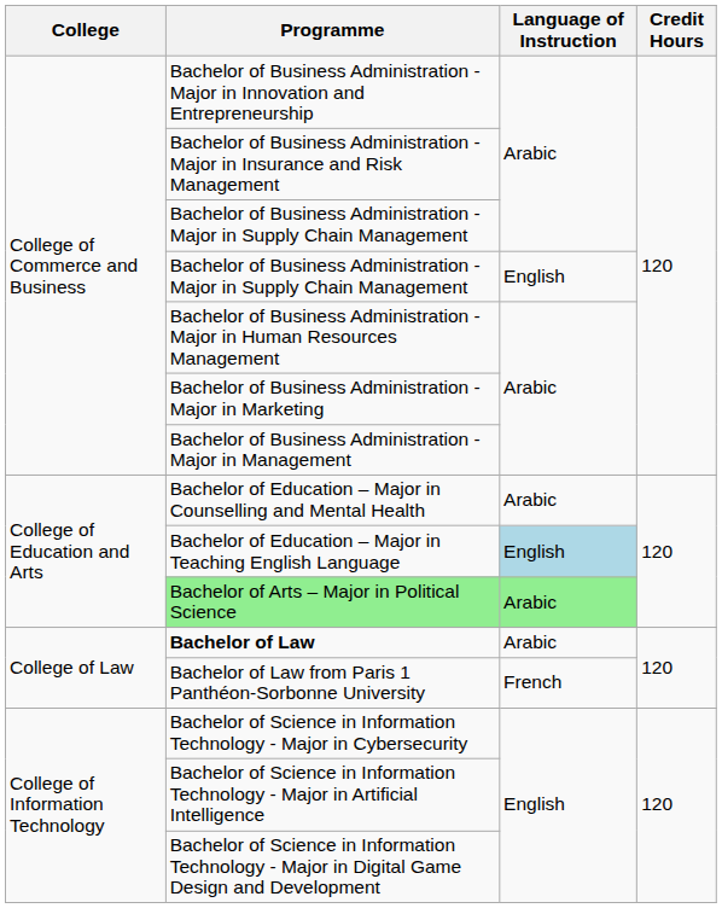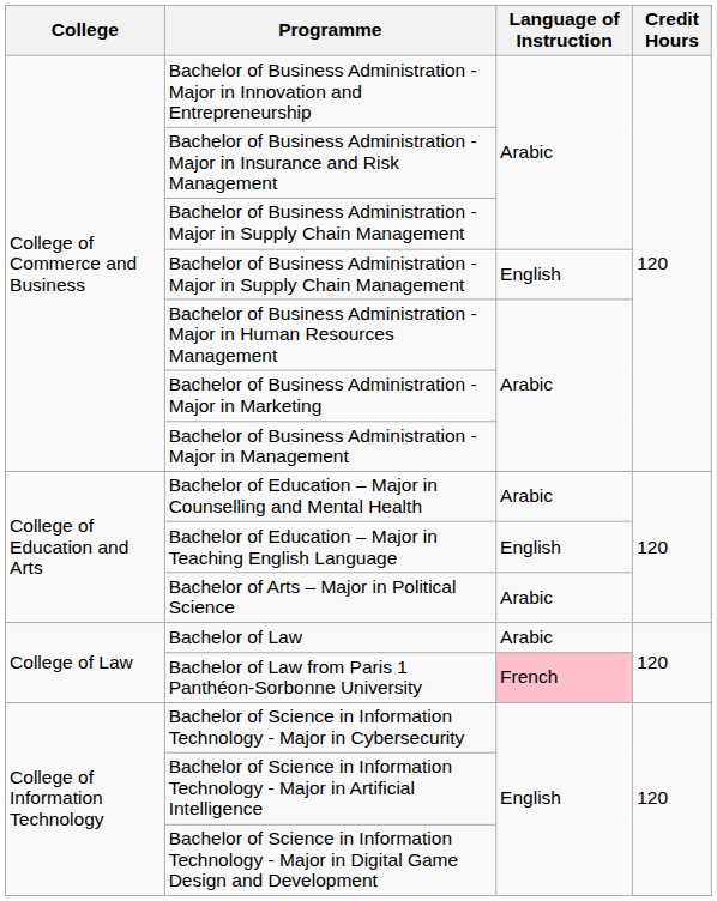 <table class="wikitable">
 <tr>
 <th>College</th>
 <th>Programme</th>
 <th>Language of Instruction</th>
 <th>Credit Hours</th>
 </tr>
 <tr>
 <td rowspan="7">College of Commerce and Business</td>
 <td>Bachelor of Business Administration - Major in Innovation and Entrepreneurship</td>
 <td rowspan="3">Arabic</td>
 <td rowspan="7">120</td>
 </tr>
 <tr>
 <td>Bachelor of Business Administration - Major in Insurance and Risk Management</td>
 </tr>
 <tr>
 <td>Bachelor of Business Administration - Major in Supply Chain Management</td>
 </tr>
 <tr>
 <td>Bachelor of Business Administration - Major in Supply Chain Management</td>
 <td>English</td>
 </tr>
 <tr>
 <td>Bachelor of Business Administration - Major in Human Resources Management</td>
 <td rowspan="3">Arabic</td>
 </tr>
 <tr>
 <td>Bachelor of Business Administration - Major in Marketing</td>
 </tr>
 <tr>
 <td>Bachelor of Business Administration - Major in Management</td>
 </tr>
 <tr>
 <td rowspan="3">College of Education and Arts</td>
 <td>Bachelor of Education – Major in Counselling and Mental Health</td>
 <td>Arabic</td>
 <td rowspan="3">120</td>
 </tr>
 <tr>
 <td>Bachelor of Education – Major in Teaching English Language</td>
-<td style="background: lightblue;">English</td>
+<td>English</td>
 </tr>
 <tr>
-<td style="background: lightgreen;">Bachelor of Arts – Major in Political Science</td>
-<td style="background: lightgreen;">Arabic</td>
+<td>Bachelor of Arts – Major in Political Science</td>
+<td>Arabic</td>
 </tr>
 <tr>
 <td rowspan="2">College of Law</td>
-<td><strong>Bachelor of Law</strong></td>
+<td>Bachelor of Law</td>
 <td>Arabic</td>
 <td rowspan="2">120</td>
 </tr>
 <tr>
 <td>Bachelor of Law from Paris 1 Panthéon-Sorbonne University</td>
-<td>French</td>
+<td style="background: pink;">French</td>
 </tr>
 <tr>
 <td rowspan="3">College of Information Technology</td>
 <td>Bachelor of Science in Information Technology - Major in Cybersecurity</td>
 <td rowspan="3">English</td>
 <td rowspan="3">120</td>
 </tr>
 <tr>
 <td>Bachelor of Science in Information Technology - Major in Artificial Intelligence</td>
 </tr>
 <tr>
 <td>Bachelor of Science in Information Technology - Major in Digital Game Design and Development</td>
 </tr>
 </table>
